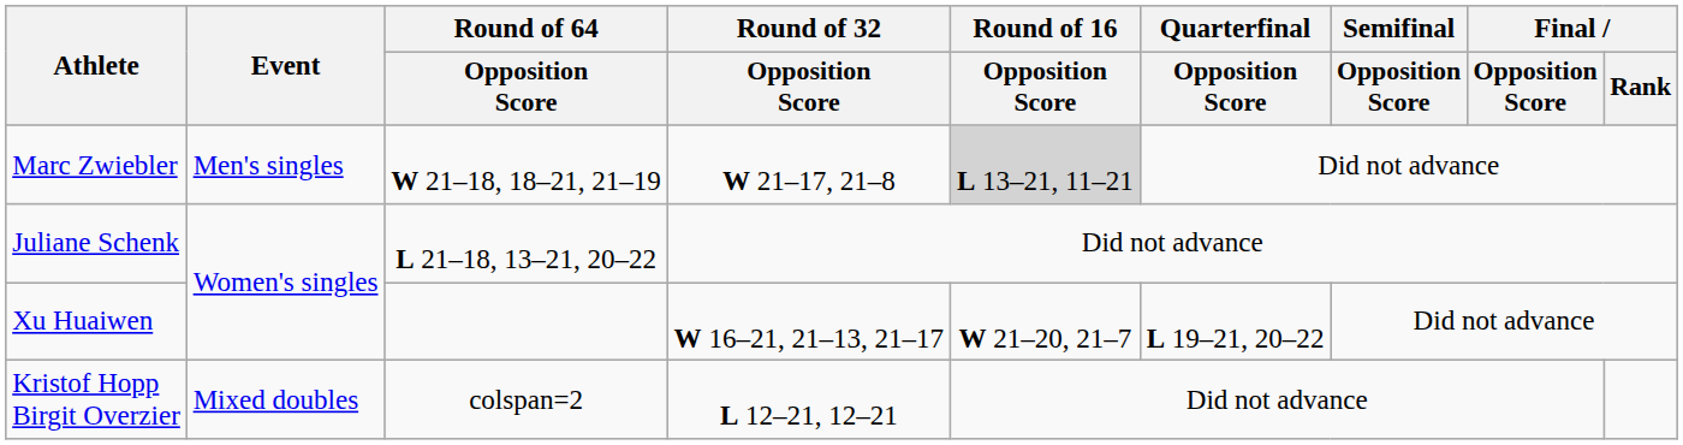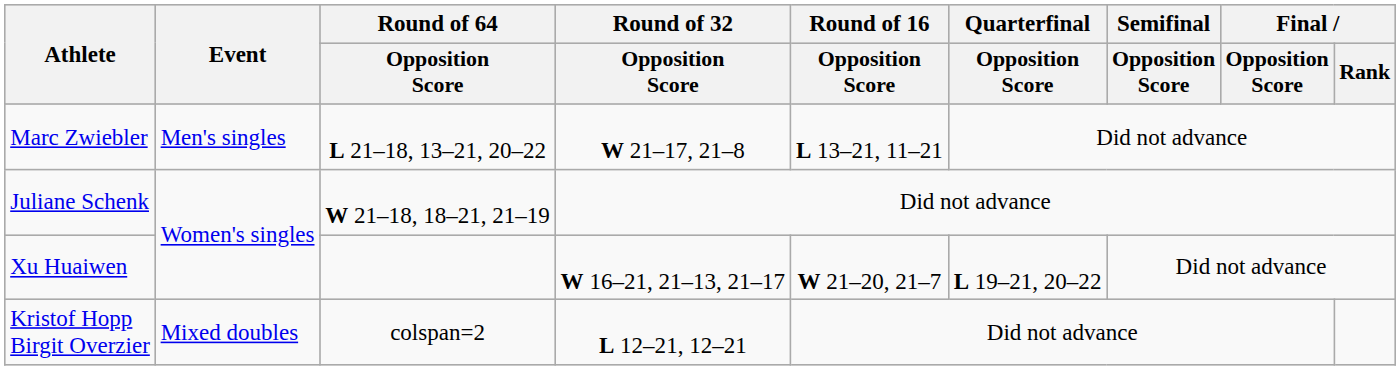 <table class=wikitable style="font-size:90%">
 <tr>
 <th rowspan="2">Athlete</th>
 <th rowspan="2">Event</th>
 <th>Round of 64</th>
 <th>Round of 32</th>
 <th>Round of 16</th>
 <th>Quarterfinal</th>
 <th>Semifinal</th>
 <th colspan=2>Final / </th>
 </tr>
 <tr style="font-size:95%">
 <th>Opposition<br>Score</th>
 <th>Opposition<br>Score</th>
 <th>Opposition<br>Score</th>
 <th>Opposition<br>Score</th>
 <th>Opposition<br>Score</th>
 <th>Opposition<br>Score</th>
 <th>Rank</th>
 </tr>
 <tr align=center>
 <td align=left><a href='#'>Marc Zwiebler</a></td>
 <td align=left><a href='#'>Men's singles</a></td>
-<td><br><strong>W</strong> 21–18, 18–21, 21–19</td>
+<td><br><strong>L</strong> 21–18, 13–21, 20–22</td>
 <td><br><strong>W</strong> 21–17, 21–8</td>
-<td style="background: lightgrey;"><br><strong>L</strong> 13–21, 11–21</td>
+<td><br><strong>L</strong> 13–21, 11–21</td>
 <td colspan=4>Did not advance</td>
 </tr>
 <tr align=center>
 <td align=left><a href='#'>Juliane Schenk</a></td>
 <td align=left rowspan=2><a href='#'>Women's singles</a></td>
-<td><br><strong>L</strong> 21–18, 13–21, 20–22</td>
+<td><br><strong>W</strong> 21–18, 18–21, 21–19</td>
 <td colspan=6>Did not advance</td>
 </tr>
 <tr align=center>
 <td align=left><a href='#'>Xu Huaiwen</a></td>
 <td></td>
 <td><br><strong>W</strong> 16–21, 21–13, 21–17</td>
 <td><br><strong>W</strong> 21–20, 21–7</td>
 <td><br><strong>L</strong> 19–21, 20–22</td>
 <td colspan=4>Did not advance</td>
 </tr>
 <tr align=center>
 <td align=left><a href='#'>Kristof Hopp</a><br><a href='#'>Birgit Overzier</a></td>
 <td align=left><a href='#'>Mixed doubles</a></td>
 <td>colspan=2 </td>
 <td><br><strong>L</strong> 12–21, 12–21</td>
 <td colspan=4>Did not advance</td>
 </tr>
 </table>
